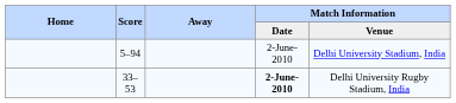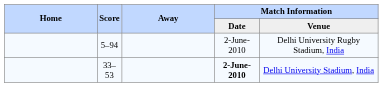 <table border=1 style="border-collapse:collapse; font-size:90%; text-align:center;" cellpadding=3 cellspacing=0 width=100%>
 <tr bgcolor=#C1D8FF>
 <th rowspan=2 width=25%>Home</th>
 <th rowspan=2 width=6%>Score</th>
 <th rowspan=2 width=25%>Away</th>
 <th colspan=6>Match Information</th>
 </tr>
 <tr bgcolor=#EFEFEF>
 <th width=12%>Date</th>
 <th width=32%>Venue</th>
 </tr>
 <tr bgcolor=#F5FAFF>
 <td align=right></td>
 <td>5–94</td>
 <td align=left><strong></strong></td>
 <td>2-June-2010</td>
-<td><a href='#'>Delhi University Stadium</a>, <a href='#'>India</a></td>
+<td>Delhi University Rugby Stadium, <a href='#'>India</a></td>
 </tr>
 <tr bgcolor=#F5FAFF>
 <td align=right></td>
 <td>33–53</td>
 <td align=left><strong></strong></td>
 <td><strong>2-June-2010</strong></td>
-<td>Delhi University Rugby Stadium, <a href='#'>India</a></td>
+<td><a href='#'>Delhi University Stadium</a>, <a href='#'>India</a></td>
 </tr>
 </table>
